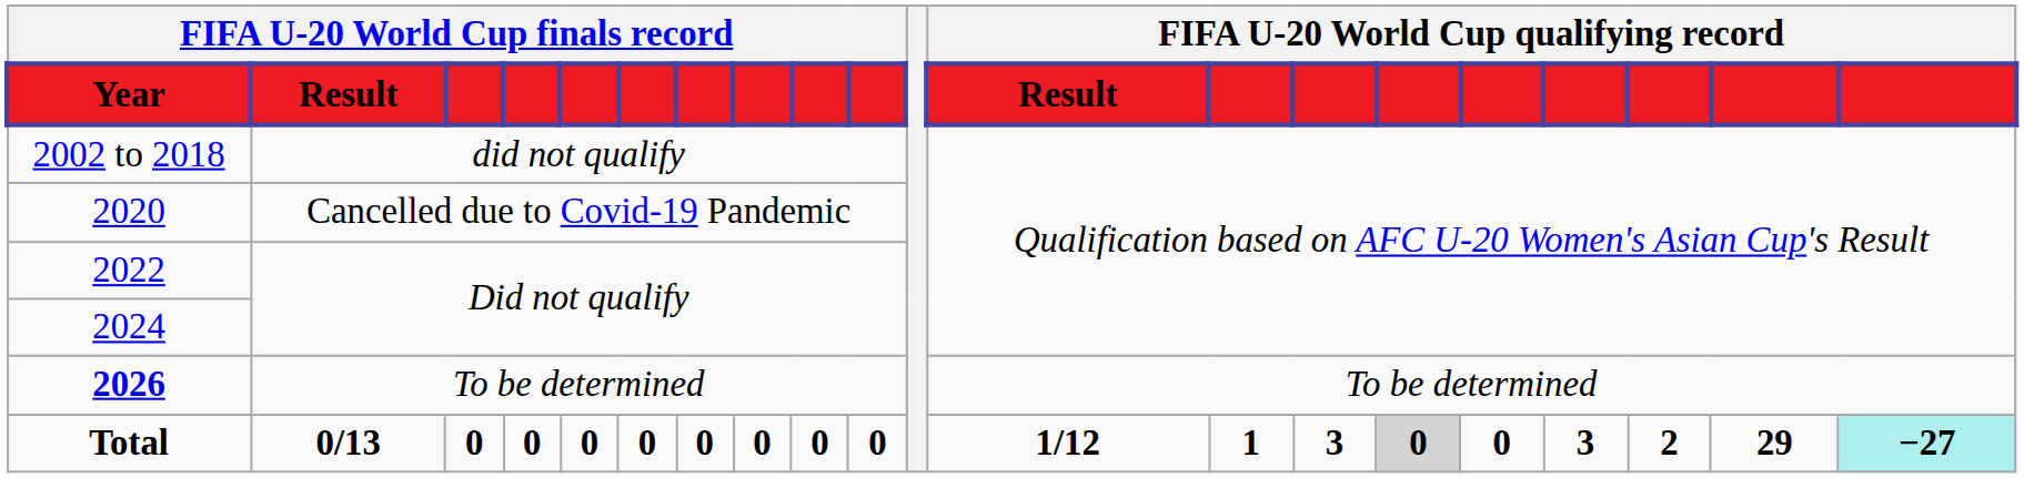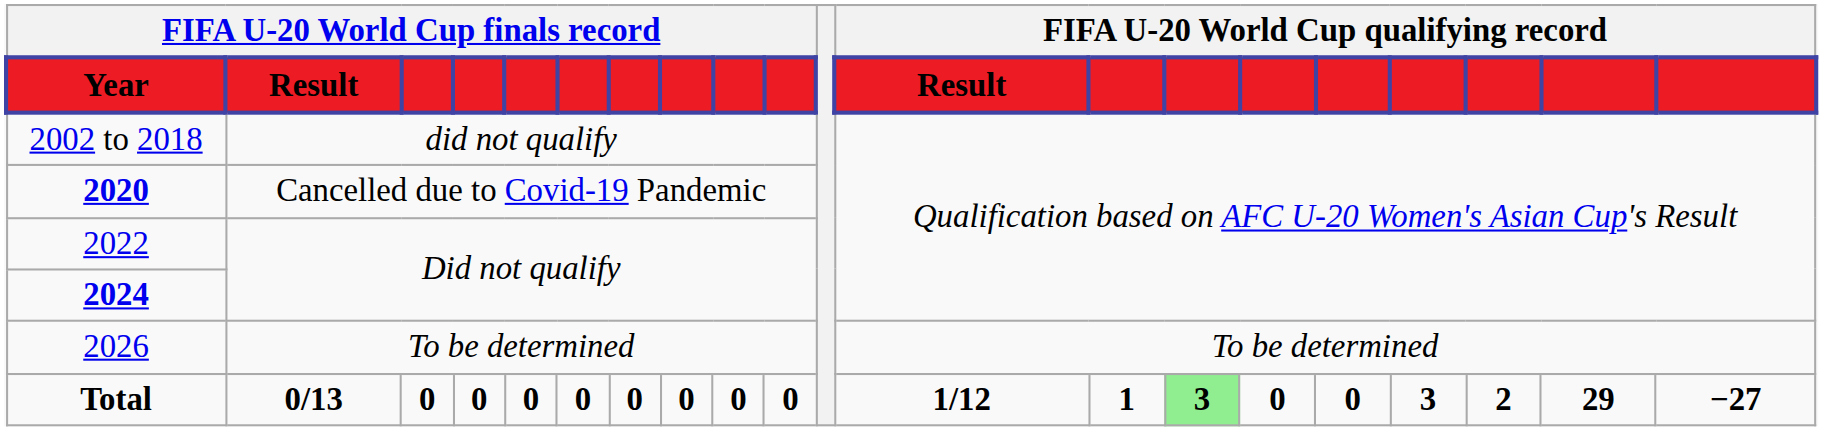 <table Class = "wikitable" style = "text-align: center; width:70%;">
 <tr>
 <th colspan=10><a href='#'>FIFA U-20 World Cup finals record</a></th>
 <th style="width:1%;" rowspan="27"></th>
 <th colspan=9>FIFA U-20 World Cup qualifying record</th>
 </tr>
 <tr>
 <th style="background:#ED1C24;border: 2px solid #3F43A4;"><span>Year</span></th>
 <th style="background:#ED1C24;border: 2px solid #3F43A4;"><span>Result</span></th>
 <th style="background:#ED1C24;border: 2px solid #3F43A4;"><span></span></th>
 <th style="background:#ED1C24;border: 2px solid #3F43A4;"><span></span></th>
 <th style="background:#ED1C24;border: 2px solid #3F43A4;"><span></span></th>
 <th style="background:#ED1C24;border: 2px solid #3F43A4;"><span></span></th>
 <th style="background:#ED1C24;border: 2px solid #3F43A4;"><span></span></th>
 <th style="background:#ED1C24;border: 2px solid #3F43A4;"><span></span></th>
 <th style="background:#ED1C24;border: 2px solid #3F43A4;"><span></span></th>
 <th style="background:#ED1C24;border: 2px solid #3F43A4;"><span></span></th>
 <th style="background:#ED1C24;border: 2px solid #3F43A4;"><span>Result</span></th>
 <th style="background:#ED1C24;border: 2px solid #3F43A4;"><span></span></th>
 <th style="background:#ED1C24;border: 2px solid #3F43A4;"><span></span></th>
 <th style="background:#ED1C24;border: 2px solid #3F43A4;"><span></span></th>
 <th style="background:#ED1C24;border: 2px solid #3F43A4;"><span></span></th>
 <th style="background:#ED1C24;border: 2px solid #3F43A4;"><span></span></th>
 <th style="background:#ED1C24;border: 2px solid #3F43A4;"><span></span></th>
 <th style="background:#ED1C24;border: 2px solid #3F43A4;"><span></span></th>
 <th style="background:#ED1C24;border: 2px solid #3F43A4;"><span></span></th>
 </tr>
 <tr>
 <td> <a href='#'>2002</a> to  <a href='#'>2018</a></td>
 <td colspan="9"><em>did not qualify</em></td>
 <td colspan=9 rowspan=4><em>Qualification based on <a href='#'>AFC U-20 Women's Asian Cup</a>'s Result</em></td>
 </tr>
 <tr>
-<td>  <a href='#'>2020</a></td>
+<td><strong>  <a href='#'>2020</a></strong></td>
 <td colspan=9>Cancelled due to <a href='#'>Covid-19</a> Pandemic</td>
 </tr>
 <tr>
 <td> <a href='#'>2022</a></td>
 <td rowspan=2 colspan=9><em>Did not qualify</em></td>
 </tr>
 <tr>
-<td> <a href='#'>2024</a></td>
+<td><strong> <a href='#'>2024</a></strong></td>
 </tr>
 <tr>
-<td><strong> <a href='#'>2026</a></strong></td>
+<td> <a href='#'>2026</a></td>
 <td colspan=9><em>To be determined</em></td>
 <td colspan=9><em>To be determined</em></td>
 </tr>
 <tr>
 <td><strong>Total</strong></td>
 <td><strong>0/13</strong></td>
 <td><strong>0</strong></td>
 <td><strong>0</strong></td>
 <td><strong>0</strong></td>
 <td><strong>0</strong></td>
 <td><strong>0</strong></td>
 <td><strong>0</strong></td>
 <td><strong>0</strong></td>
 <td><strong>0</strong></td>
 <td><strong>1/12</strong></td>
 <td><strong>1</strong></td>
-<td><strong>3</strong></td>
-<td style="background: lightgrey;"><strong>0</strong></td>
+<td style="background: lightgreen;"><strong>3</strong></td>
+<td><strong>0</strong></td>
 <td><strong>0</strong></td>
 <td><strong>3</strong></td>
 <td><strong>2</strong></td>
 <td><strong>29</strong></td>
-<td style="background: paleturquoise;"><strong>−27</strong></td>
+<td><strong>−27</strong></td>
 </tr>
 </table>
